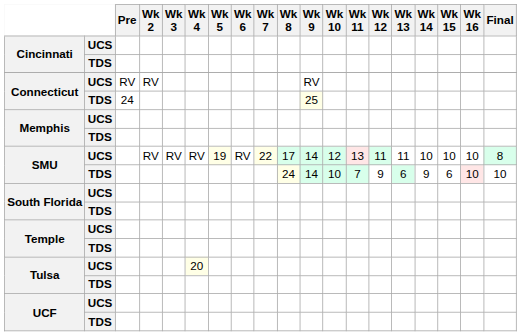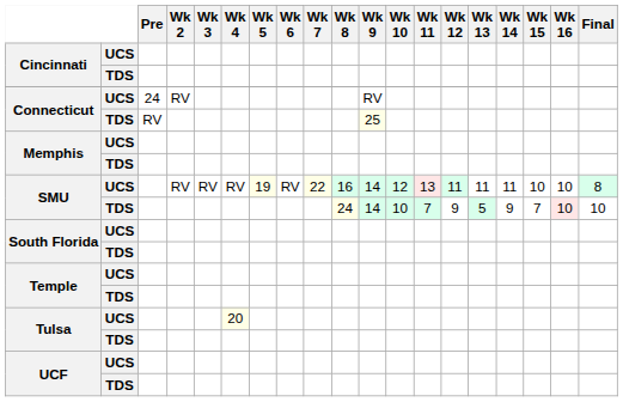 <table class="wikitable" style="white-space:nowrap;font-size:90%;">
 <tr>
 <th colspan="2" style="background:white; border-top-style:hidden; border-left-style:hidden;"> </th>
 <th>Pre</th>
 <th>Wk<br>2</th>
 <th>Wk<br>3</th>
 <th>Wk<br>4</th>
 <th>Wk<br>5</th>
 <th>Wk<br>6</th>
 <th>Wk<br>7</th>
 <th>Wk<br>8</th>
 <th>Wk<br>9</th>
 <th>Wk<br>10</th>
 <th>Wk<br>11</th>
 <th>Wk<br>12</th>
 <th>Wk<br>13</th>
 <th>Wk<br>14</th>
 <th>Wk<br>15</th>
 <th>Wk<br>16</th>
 <th>Final</th>
 </tr>
 <tr style="text-align:center;">
 <th rowspan="2" style=>Cincinnati</th>
 <th>UCS</th>
 <td style="background:#FFF;"></td>
 <td style="background:#FFF;"></td>
 <td style="background:#FFF;"></td>
 <td style="background:#FFF;"></td>
 <td style="background:#FFF;"></td>
 <td style="background:#FFF;"></td>
 <td style="background:#FFF;"></td>
 <td style="background:#FFF;"></td>
 <td style="background:#FFF;"></td>
 <td style="background:#FFF;"></td>
 <td style="background:#FFF;"></td>
 <td style="background:#FFF;"></td>
 <td style="background:#FFF;"></td>
 <td style="background:#FFF;"></td>
 <td style="background:#FFF;"></td>
 <td style="background:#FFF;"></td>
 <td style="background:#FFF;"></td>
 </tr>
 <tr style="text-align:center;">
 <th>TDS</th>
 <td style="background:#FFF;"></td>
 <td style="background:#FFF;"></td>
 <td style="background:#FFF;"></td>
 <td style="background:#FFF;"></td>
 <td style="background:#FFF;"></td>
 <td style="background:#FFF;"></td>
 <td style="background:#FFF;"></td>
 <td style="background:#FFF;"></td>
 <td style="background:#FFF;"></td>
 <td style="background:#FFF;"></td>
 <td style="background:#FFF;"></td>
 <td style="background:#FFF;"></td>
 <td style="background:#FFF;"></td>
 <td style="background:#FFF;"></td>
 <td style="background:#FFF;"></td>
 <td style="background:#FFF;"></td>
 <td style="background:#FFF;"></td>
 </tr>
 <tr style="text-align:center;">
 </tr>
 <tr style="text-align:center;">
 <th rowspan="2">Connecticut</th>
 <th>UCS</th>
-<td style="background:#FFF;">RV</td>
+<td style="background:#FFF;">24</td>
 <td style="background:#Fff;">RV</td>
 <td style="background:#FFF;"></td>
 <td style="background:#FFF;"></td>
 <td style="background:#FFF;"></td>
 <td style="background:#FFF;"></td>
 <td style="background:#FFF;"></td>
 <td style="background:#FFF;"></td>
 <td style="background:#FFF;">RV</td>
 <td style="background:#FFF;"></td>
 <td style="background:#FFF;"></td>
 <td style="background:#FFF;"></td>
 <td style="background:#FFF;"></td>
 <td style="background:#FFF;"></td>
 <td style="background:#FFF;"></td>
 <td style="background:#FFF;"></td>
 <td style="background:#FFF;"></td>
 </tr>
 <tr style="text-align:center;">
 <th>TDS</th>
-<td style="background:#FFF;">24</td>
+<td style="background:#FFF;">RV</td>
 <td style="background:#FFf;"></td>
 <td style="background:#FFF;"></td>
 <td style="background:#FFF;"></td>
 <td style="background:#FFF;"></td>
 <td style="background:#FFF;"></td>
 <td style="background:#FFF;"></td>
 <td style="background:#FFF;"></td>
 <td style="background:#FFFFE6;">25</td>
 <td style="background:#FFF;"></td>
 <td style="background:#FFF;"></td>
 <td style="background:#FFF;"></td>
 <td style="background:#FFF;"></td>
 <td style="background:#FFF;"></td>
 <td style="background:#FFF;"></td>
 <td style="background:#FFF;"></td>
 <td style="background:#FFF;"></td>
 </tr>
 <tr style="text-align:center;">
 <th rowspan="2">Memphis</th>
 <th>UCS</th>
 <td style="background:#FFF;"></td>
 <td style="background:#FFF;"></td>
 <td style="background:#FFF;"></td>
 <td style="background:#FFF;"></td>
 <td style="background:#FFF;"></td>
 <td style="background:#FFF;"></td>
 <td style="background:#FFF;"></td>
 <td style="background:#FFF;"></td>
 <td style="background:#FFF;"></td>
 <td style="background:#FFF;"></td>
 <td style="background:#FFF;"></td>
 <td style="background:#FFF;"></td>
 <td style="background:#FFF;"></td>
 <td style="background:#FFF;"></td>
 <td style="background:#FFF;"></td>
 <td style="background:#FFF;"></td>
 <td style="background:#FFF;"></td>
 </tr>
 <tr style="text-align:center;">
 <th>TDS</th>
 <td style="background:#FFF;"></td>
 <td style="background:#FFF;"></td>
 <td style="background:#FFF;"></td>
 <td style="background:#FFF;"></td>
 <td style="background:#FFF;"></td>
 <td style="background:#FFF;"></td>
 <td style="background:#FFF;"></td>
 <td style="background:#FFF;"></td>
 <td style="background:#FFF;"></td>
 <td style="background:#FFF;"></td>
 <td style="background:#FFF;"></td>
 <td style="background:#FFF;"></td>
 <td style="background:#FFF;"></td>
 <td style="background:#FFF;"></td>
 <td style="background:#FFF;"></td>
 <td style="background:#FFF;"></td>
 <td style="background:#FFF;"></td>
 </tr>
 <tr style="text-align:center;">
 <th rowspan="2">SMU</th>
 <th>UCS</th>
 <td style="background:#FFF;"></td>
 <td style="background:#FFF;">RV</td>
 <td style="background:#FFF;">RV</td>
 <td style="background:#FFF;">RV</td>
 <td style="background:#FFFFE6;">19</td>
 <td style="background:#FFF;">RV</td>
 <td style="background:#FFFFE6;">22</td>
-<td style="background:#D8FFEB;">17</td>
+<td style="background:#D8FFEB;">16</td>
 <td style="background:#D8FFEB;">14</td>
 <td style="background:#D8FFEB;">12</td>
 <td style="background:#FFE6E6;">13</td>
 <td style="background:#D8FFEB;">11</td>
 <td style="background:#FFF;">11</td>
-<td style="background:#FFF;">10</td>
+<td style="background:#FFF;">11</td>
 <td style="background:#FFF;">10</td>
 <td style="background:#FFF;">10</td>
 <td style="background:#D8FFEB;">8</td>
 </tr>
 <tr style="text-align:center;">
 <th>TDS</th>
 <td style="background:#FFF;"></td>
 <td style="background:#FFF;"></td>
 <td style="background:#FFF;"></td>
 <td style="background:#FFF;"></td>
 <td style="background:#FFF;"></td>
 <td style="background:#FFF;"></td>
 <td style="background:#FFF;"></td>
 <td style="background:#FFFFE6;">24</td>
 <td style="background:#D8FFEB;">14</td>
 <td style="background:#D8FFEB;">10</td>
 <td style="background:#D8FFEB;">7</td>
 <td style="background:#FFF;">9</td>
-<td style="background:#D8FFEB;">6</td>
+<td style="background:#D8FFEB;">5</td>
 <td style="background:#FFF;">9</td>
-<td style="background:#FFF;">6</td>
+<td style="background:#FFF;">7</td>
 <td style="background:#FFE6E6;">10</td>
 <td style="background:#FFF;">10</td>
 </tr>
 <tr style="text-align:center;">
 <th rowspan="2">South Florida</th>
 <th>UCS</th>
 <td style="background:#FFF;"></td>
 <td style="background:#FFF;"></td>
 <td style="background:#FFF;"></td>
 <td style="background:#FFF;"></td>
 <td style="background:#FFF;"></td>
 <td style="background:#FFF;"></td>
 <td style="background:#FFF;"></td>
 <td style="background:#FFF;"></td>
 <td style="background:#FFF;"></td>
 <td style="background:#FFF;"></td>
 <td style="background:#FFF;"></td>
 <td style="background:#FFF;"></td>
 <td style="background:#FFF;"></td>
 <td style="background:#FFF;"></td>
 <td style="background:#FFF;"></td>
 <td style="background:#FFF;"></td>
 <td style="background:#FFF;"></td>
 </tr>
 <tr style="text-align:center;">
 <th>TDS</th>
 <td style="background:#FFF;"></td>
 <td style="background:#FFF;"></td>
 <td style="background:#FFF;"></td>
 <td style="background:#FFF;"></td>
 <td style="background:#FFF;"></td>
 <td style="background:#FFF;"></td>
 <td style="background:#FFF;"></td>
 <td style="background:#FFF;"></td>
 <td style="background:#FFF;"></td>
 <td style="background:#FFF;"></td>
 <td style="background:#FFF;"></td>
 <td style="background:#FFF;"></td>
 <td style="background:#FFF;"></td>
 <td style="background:#FFF;"></td>
 <td style="background:#FFF;"></td>
 <td style="background:#FFF;"></td>
 <td style="background:#FFF;"></td>
 </tr>
 <tr style="text-align:center;">
 <th rowspan="2">Temple</th>
 <th>UCS</th>
 <td style="background:#FFF;"></td>
 <td style="background:#FFF;"></td>
 <td style="background:#FFF;"></td>
 <td style="background:#FFF;"></td>
 <td style="background:#FFF;"></td>
 <td style="background:#FFF;"></td>
 <td style="background:#FFF;"></td>
 <td style="background:#FFF;"></td>
 <td style="background:#FFF;"></td>
 <td style="background:#FFF;"></td>
 <td style="background:#FFF;"></td>
 <td style="background:#FFF;"></td>
 <td style="background:#FFF;"></td>
 <td style="background:#FFF;"></td>
 <td style="background:#FFF;"></td>
 <td style="background:#FFF;"></td>
 <td style="background:#FFF;"></td>
 </tr>
 <tr style="text-align:center;">
 <th>TDS</th>
 <td style="background:#FFF;"></td>
 <td style="background:#FFF;"></td>
 <td style="background:#FFF;"></td>
 <td style="background:#FFF;"></td>
 <td style="background:#FFF;"></td>
 <td style="background:#FFF;"></td>
 <td style="background:#FFF;"></td>
 <td style="background:#FFF;"></td>
 <td style="background:#FFF;"></td>
 <td style="background:#FFF;"></td>
 <td style="background:#FFF;"></td>
 <td style="background:#FFF;"></td>
 <td style="background:#FFF;"></td>
 <td style="background:#FFF;"></td>
 <td style="background:#FFF;"></td>
 <td style="background:#FFF;"></td>
 <td style="background:#FFF;"></td>
 </tr>
 <tr style="text-align:center;">
 <th rowspan="2">Tulsa</th>
 <th>UCS</th>
 <td style="background:#FFF;"></td>
 <td style="background:#FFF;"></td>
 <td style="background:#FFF;"></td>
 <td style="background:#FFFFE6;">20</td>
 <td style="background:#FFF;"></td>
 <td style="background:#FFF;"></td>
 <td style="background:#FFF;"></td>
 <td style="background:#FFF;"></td>
 <td style="background:#FFF;"></td>
 <td style="background:#FFF;"></td>
 <td style="background:#FFF;"></td>
 <td style="background:#FFF;"></td>
 <td style="background:#FFF;"></td>
 <td style="background:#FFF;"></td>
 <td style="background:#FFF;"></td>
 <td style="background:#FFF;"></td>
 <td style="background:#FFF;"></td>
 </tr>
 <tr style="text-align:center;">
 <th>TDS</th>
 <td style="background:#FFF;"></td>
 <td style="background:#FFF;"></td>
 <td style="background:#FFF;"></td>
 <td style="background:#FFF;"></td>
 <td style="background:#FFF;"></td>
 <td style="background:#FFF;"></td>
 <td style="background:#FFF;"></td>
 <td style="background:#FFF;"></td>
 <td style="background:#FFF;"></td>
 <td style="background:#FFF;"></td>
 <td style="background:#FFF;"></td>
 <td style="background:#FFF;"></td>
 <td style="background:#FFF;"></td>
 <td style="background:#FFF;"></td>
 <td style="background:#FFF;"></td>
 <td style="background:#FFF;"></td>
 <td style="background:#FFF;"></td>
 </tr>
 <tr style="text-align:center;">
 <th rowspan="2" style=>UCF</th>
 <th>UCS</th>
 <td style="background:#FFF;"></td>
 <td style="background:#FFF;"></td>
 <td style="background:#FFF;"></td>
 <td style="background:#FFF;"></td>
 <td style="background:#FFF;"></td>
 <td style="background:#FFF;"></td>
 <td style="background:#FFF;"></td>
 <td style="background:#FFF;"></td>
 <td style="background:#FFF;"></td>
 <td style="background:#FFF;"></td>
 <td style="background:#FFF;"></td>
 <td style="background:#FFF;"></td>
 <td style="background:#FFF;"></td>
 <td style="background:#FFF;"></td>
 <td style="background:#FFF;"></td>
 <td style="background:#FFF;"></td>
 <td style="background:#FFF;"></td>
 </tr>
 <tr style="text-align:center;">
 <th>TDS</th>
 <td style="background:#FFF;"></td>
 <td style="background:#FFF;"></td>
 <td style="background:#FFF;"></td>
 <td style="background:#FFF;"></td>
 <td style="background:#FFF;"></td>
 <td style="background:#FFF;"></td>
 <td style="background:#FFF;"></td>
 <td style="background:#FFF;"></td>
 <td style="background:#FFF;"></td>
 <td style="background:#FFF;"></td>
 <td style="background:#FFF;"></td>
 <td style="background:#FFF;"></td>
 <td style="background:#FFF;"></td>
 <td style="background:#FFF;"></td>
 <td style="background:#FFF;"></td>
 <td style="background:#FFF;"></td>
 <td style="background:#FFF;"></td>
 </tr>
 </table>
